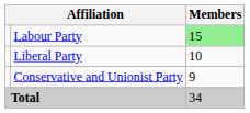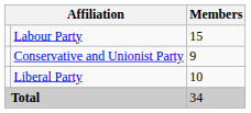 <table class="wikitable">
 <tr>
 <th colspan="2">Affiliation</th>
 <th>Members</th>
 </tr>
 <tr>
 <td style="color:inherit;background:"></td>
 <td><a href='#'>Labour Party</a></td>
-<td style="background: lightgreen;">15</td>
+<td>15</td>
+</tr>
+<tr>
+<td style="color:inherit;background:"></td>
+<td><a href='#'>Conservative and Unionist Party</a></td>
+<td>9</td>
 </tr>
 <tr>
 <td style="color:inherit;background:"></td>
 <td><a href='#'>Liberal Party</a></td>
 <td>10</td>
 </tr>
-<tr>
-<td style="color:inherit;background:"></td>
-<td><a href='#'>Conservative and Unionist Party</a></td>
-<td>9</td>
-</tr>
 <tr style="background:#ccc;">
 <td colspan="2"> <strong>Total</strong></td>
 <td>34</td>
 </tr>
 </table>
